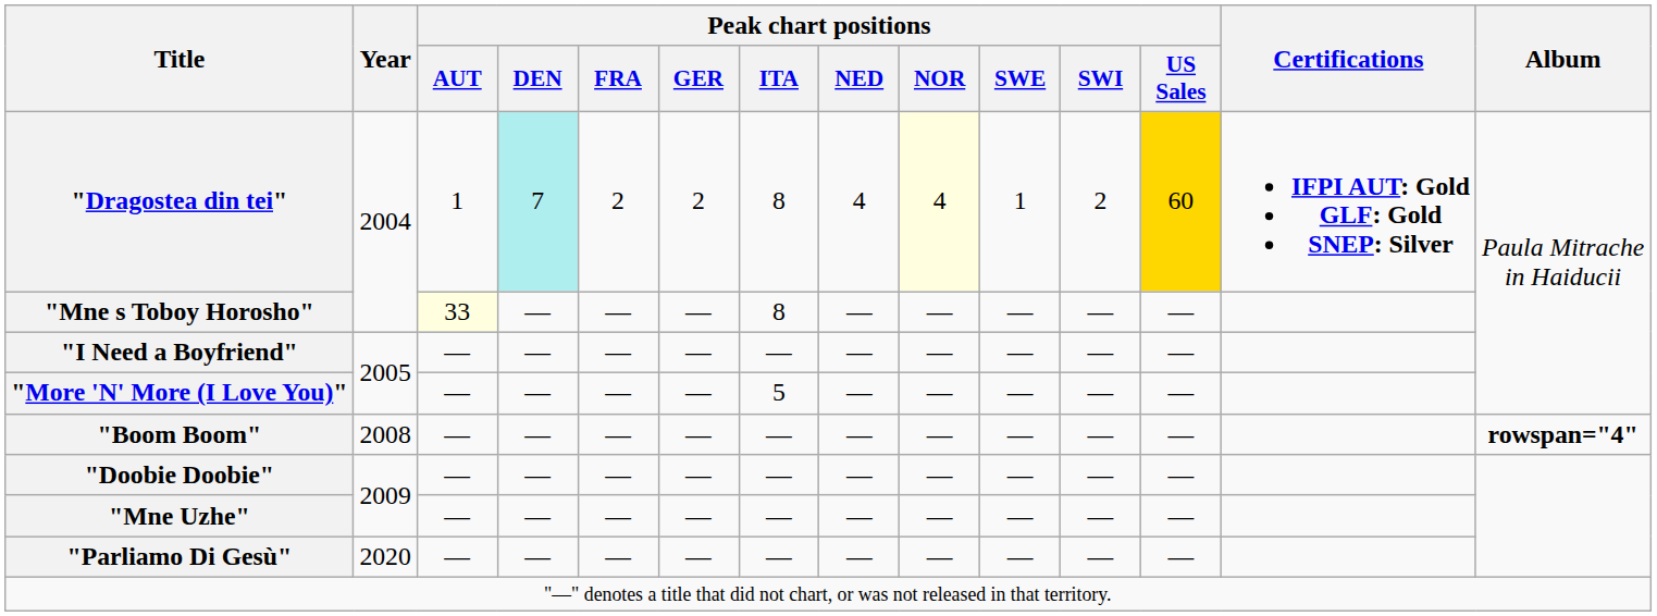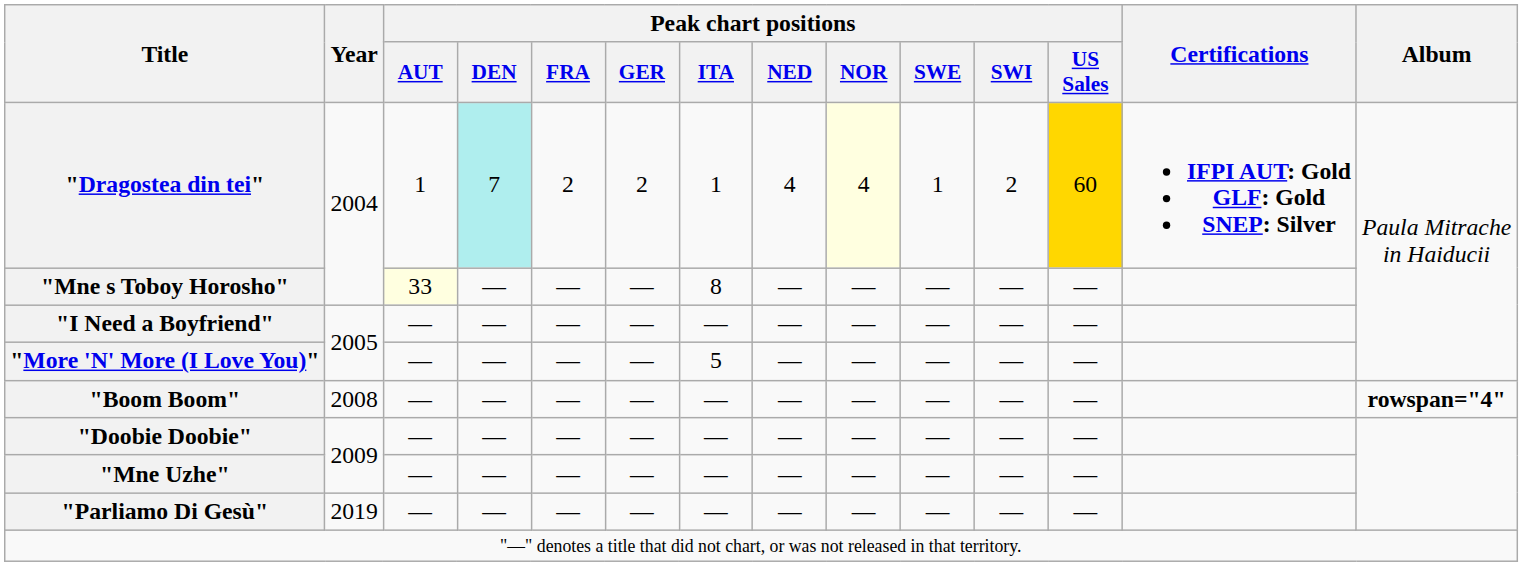 <table class="wikitable plainrowheaders" style="text-align:center;">
 <tr>
 <th scope="col" rowspan="2">Title</th>
 <th scope="col" rowspan="2">Year</th>
 <th scope="col" colspan="10">Peak chart positions</th>
 <th scope="col" rowspan="2"><a href='#'>Certifications</a></th>
 <th scope="col" rowspan="2">Album</th>
 </tr>
 <tr>
 <th scope="col" style="width:3em;font-size:90%;"><a href='#'>AUT</a><br></th>
 <th scope="col" style="width:3em;font-size:90%;"><a href='#'>DEN</a><br></th>
 <th scope="col" style="width:3em;font-size:90%;"><a href='#'>FRA</a><br></th>
 <th scope="col" style="width:3em;font-size:90%;"><a href='#'>GER</a><br></th>
 <th scope="col" style="width:3em;font-size:90%;"><a href='#'>ITA</a><br></th>
 <th scope="col" style="width:3em;font-size:90%;"><a href='#'>NED</a><br></th>
 <th scope="col" style="width:3em;font-size:90%;"><a href='#'>NOR</a><br></th>
 <th scope="col" style="width:3em;font-size:90%;"><a href='#'>SWE</a><br></th>
 <th scope="col" style="width:3em;font-size:90%;"><a href='#'>SWI</a><br></th>
 <th scope="col" style="width:3em;font-size:90%;"><a href='#'>US<br>Sales</a><br></th>
 </tr>
 <tr>
 <th scope="row">"<a href='#'>Dragostea din tei</a>"</th>
 <td rowspan="2">2004</td>
 <td>1</td>
 <td style="background: paleturquoise;">7</td>
 <td>2</td>
 <td>2</td>
-<td>8</td>
+<td>1</td>
 <td>4</td>
 <td style="background: lightyellow;">4</td>
 <td>1</td>
 <td>2</td>
 <td style="background: gold;">60</td>
 <td><strong><br><ul><li><a href='#'>IFPI AUT</a>: Gold</li><li><a href='#'>GLF</a>: Gold</li><li><a href='#'>SNEP</a>: Silver</li></ul></strong></td>
 <td rowspan="4"><em>Paula Mitrache <br>in Haiducii</em></td>
 </tr>
 <tr>
 <th scope="row">"Mne s Toboy Horosho"</th>
 <td style="background: lightyellow;">33</td>
 <td>—</td>
 <td>—</td>
 <td>—</td>
 <td>8</td>
 <td>—</td>
 <td>—</td>
 <td>—</td>
 <td>—</td>
 <td>—</td>
 <td></td>
 </tr>
 <tr>
 <th scope="row">"I Need a Boyfriend"</th>
 <td rowspan="2">2005</td>
 <td>—</td>
 <td>—</td>
 <td>—</td>
 <td>—</td>
 <td>—</td>
 <td>—</td>
 <td>—</td>
 <td>—</td>
 <td>—</td>
 <td>—</td>
 <td></td>
 </tr>
 <tr>
 <th scope="row">"<a href='#'>More 'N' More (I Love You)</a>"</th>
 <td>—</td>
 <td>—</td>
 <td>—</td>
 <td>—</td>
 <td>5</td>
 <td>—</td>
 <td>—</td>
 <td>—</td>
 <td>—</td>
 <td>—</td>
 <td></td>
 </tr>
 <tr>
 <th scope="row">"Boom Boom"</th>
 <td rowspan="1">2008</td>
 <td>—</td>
 <td>—</td>
 <td>—</td>
 <td>—</td>
 <td>—</td>
 <td>—</td>
 <td>—</td>
 <td>—</td>
 <td>—</td>
 <td>—</td>
 <td></td>
 <td><strong>rowspan="4" </strong></td>
 </tr>
 <tr>
 <th scope="row">"Doobie Doobie"</th>
 <td rowspan="2">2009</td>
 <td>—</td>
 <td>—</td>
 <td>—</td>
 <td>—</td>
 <td>—</td>
 <td>—</td>
 <td>—</td>
 <td>—</td>
 <td>—</td>
 <td>—</td>
 <td></td>
 </tr>
 <tr>
 <th scope="row">"Mne Uzhe"</th>
 <td>—</td>
 <td>—</td>
 <td>—</td>
 <td>—</td>
 <td>—</td>
 <td>—</td>
 <td>—</td>
 <td>—</td>
 <td>—</td>
 <td>—</td>
 <td></td>
 </tr>
 <tr>
 <th scope="row">"Parliamo Di Gesù"</th>
-<td>2020</td>
+<td>2019</td>
 <td>—</td>
 <td>—</td>
 <td>—</td>
 <td>—</td>
 <td>—</td>
 <td>—</td>
 <td>—</td>
 <td>—</td>
 <td>—</td>
 <td>—</td>
 <td></td>
 </tr>
 <tr>
 <td colspan="14" style="font-size:9pt">"—" denotes a title that did not chart, or was not released in that territory.</td>
 </tr>
 </table>
